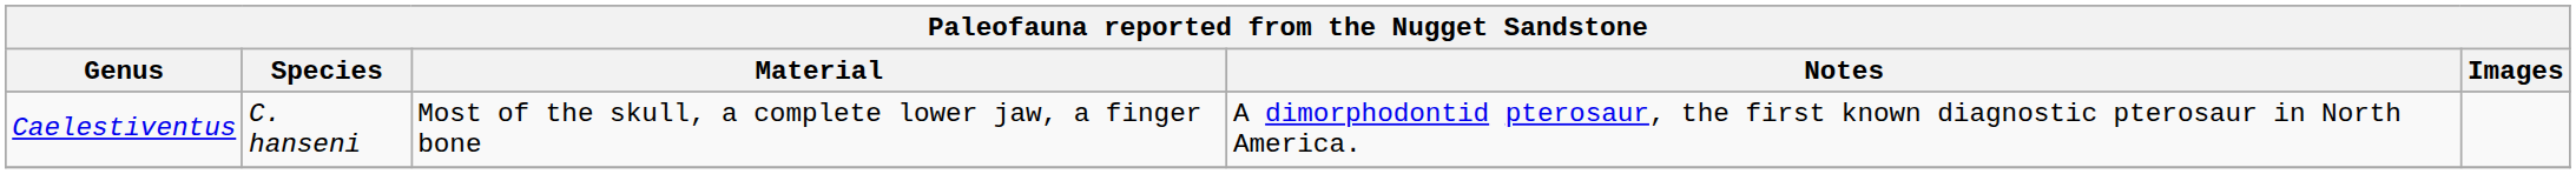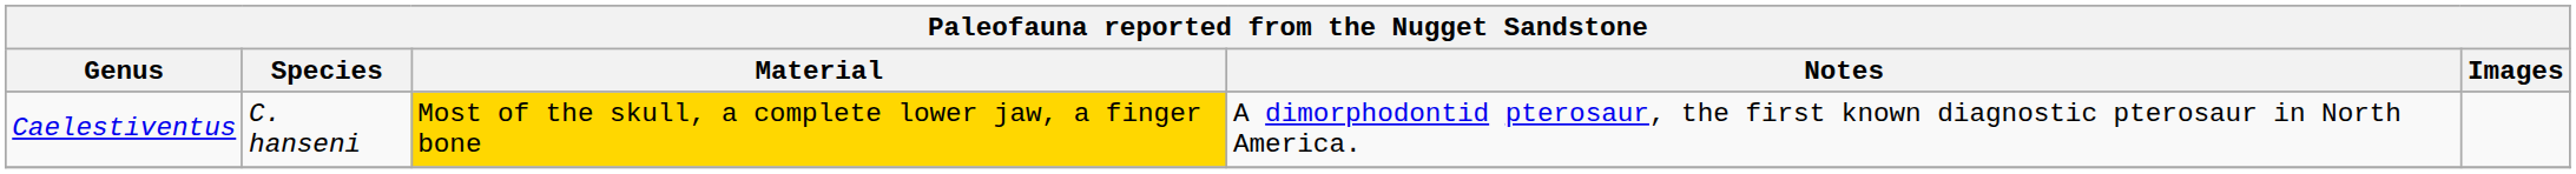 <table class="wikitable" align="center">
 <tr>
 <th colspan="7" style="text-align:center;"><strong>Paleofauna reported from the Nugget Sandstone</strong></th>
 </tr>
 <tr>
 <th>Genus</th>
 <th>Species</th>
 <th>Material</th>
 <th>Notes</th>
 <th>Images</th>
 </tr>
 <tr>
 <td><em><a href='#'>Caelestiventus</a></em></td>
 <td><em>C. hanseni</em></td>
-<td>Most of the skull, a complete lower jaw, a finger bone</td>
+<td style="background: gold;">Most of the skull, a complete lower jaw, a finger bone</td>
 <td>A <a href='#'>dimorphodontid</a> <a href='#'>pterosaur</a>, the first known diagnostic pterosaur in North America.</td>
 <td></td>
 </tr>
 <tr>
 </tr>
 </table>
